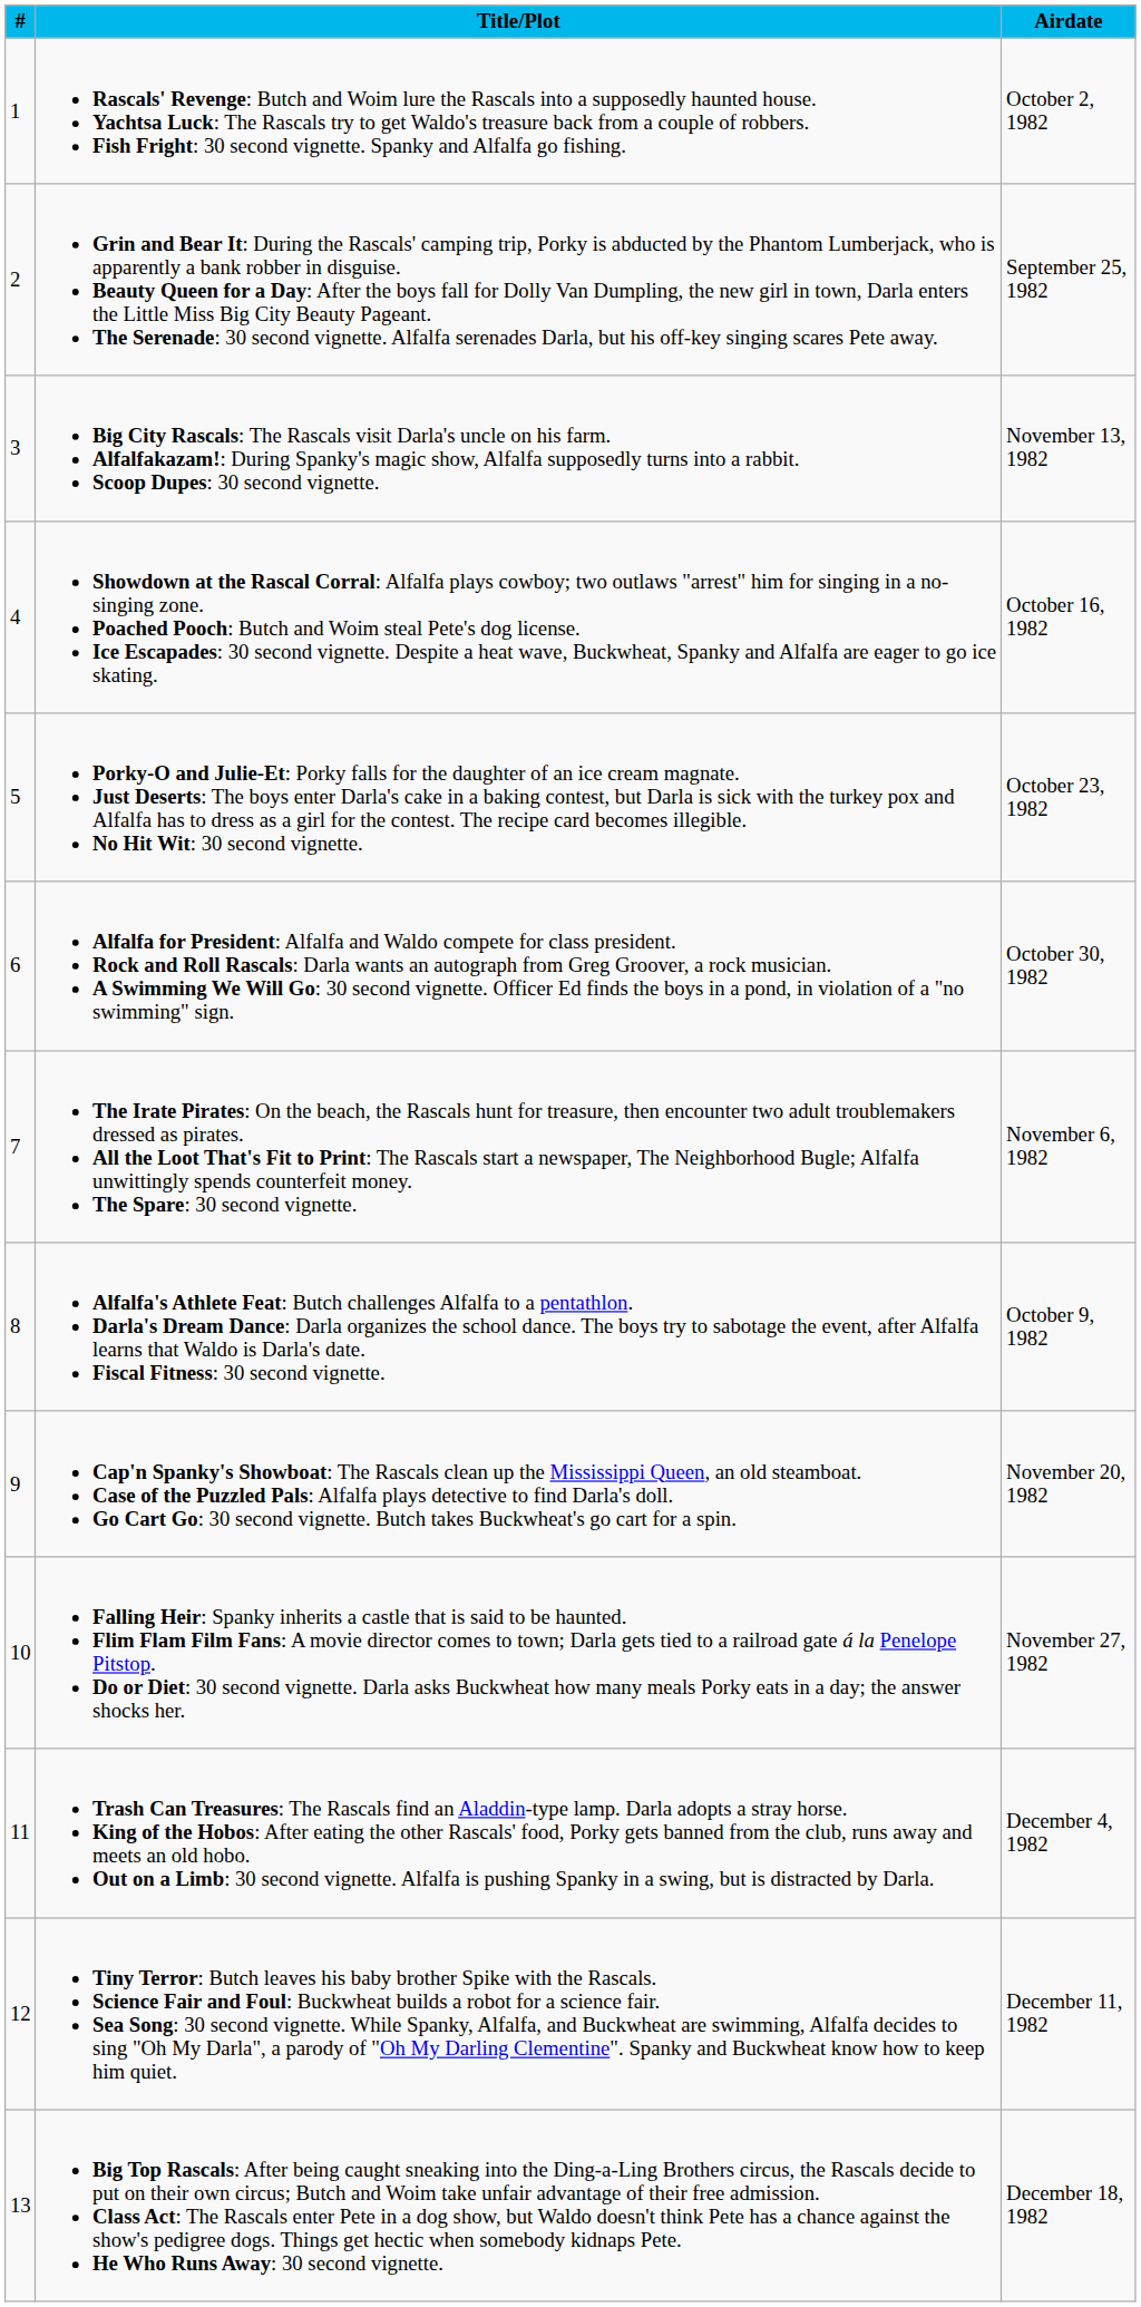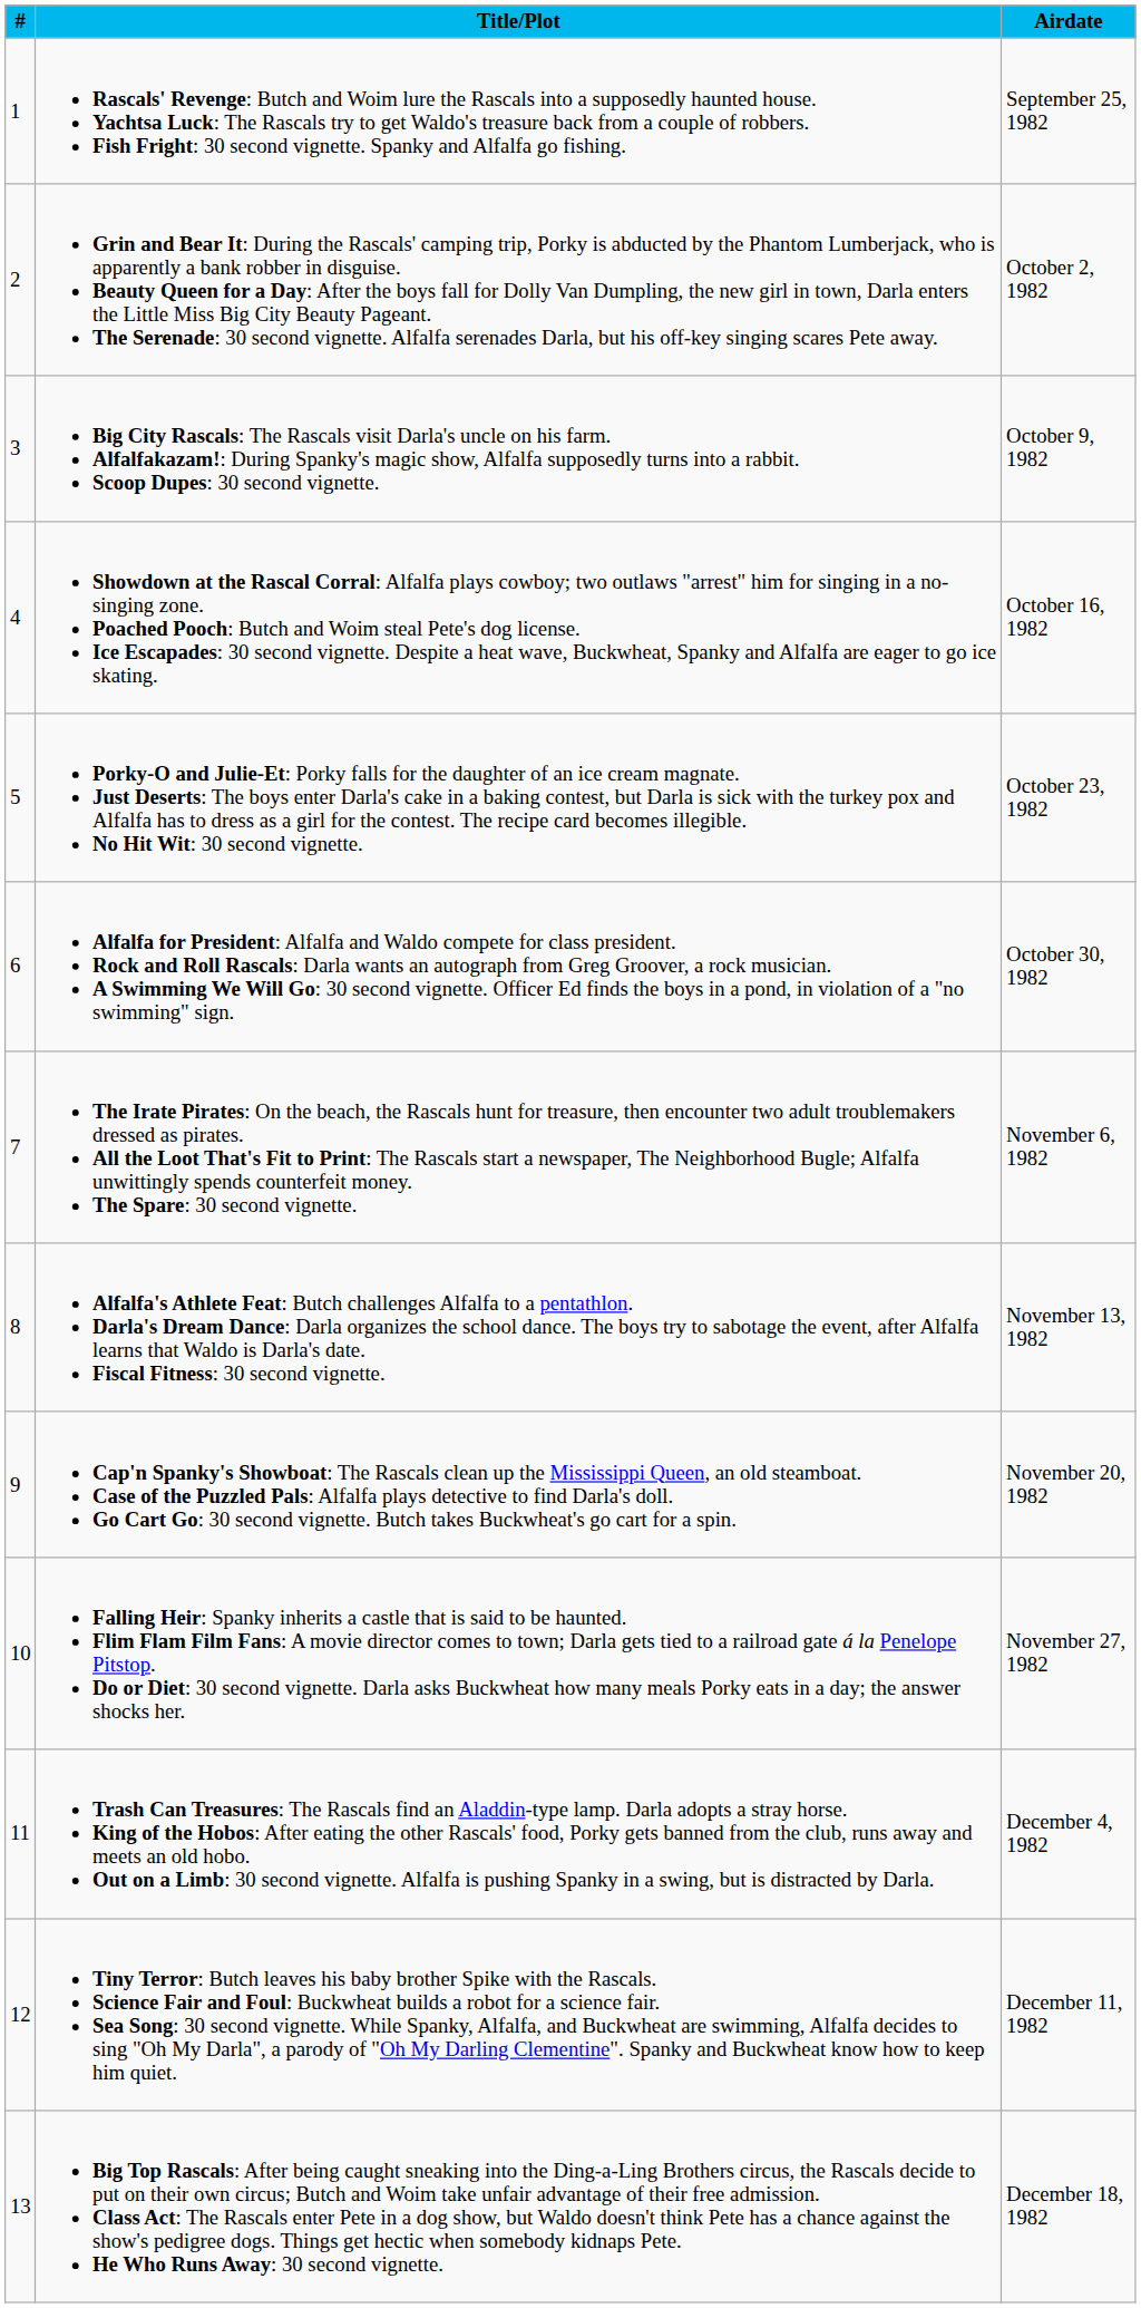 <table class="wikitable">
 <tr>
 <th style="background-color: #00B7EB" width=10>#</th>
 <th style="background-color: #00B7EB">Title/Plot</th>
 <th style="background-color: #00B7EB">Airdate</th>
 </tr>
 <tr>
 <td>1</td>
 <td><br><ul><li><strong>Rascals' Revenge</strong>: Butch and Woim lure the Rascals into a supposedly haunted house.</li><li><strong>Yachtsa Luck</strong>: The Rascals try to get Waldo's treasure back from a couple of robbers.</li><li><strong>Fish Fright</strong>: 30 second vignette. Spanky and Alfalfa go fishing.</li></ul></td>
-<td>October 2, 1982</td>
+<td>September 25, 1982</td>
 </tr>
 <tr>
 <td>2</td>
 <td><br><ul><li><strong>Grin and Bear It</strong>: During the Rascals' camping trip, Porky is abducted by the Phantom Lumberjack, who is apparently a bank robber in disguise.</li><li><strong>Beauty Queen for a Day</strong>: After the boys fall for Dolly Van Dumpling, the new girl in town, Darla enters the Little Miss Big City Beauty Pageant.</li><li><strong>The Serenade</strong>: 30 second vignette. Alfalfa serenades Darla, but his off-key singing scares Pete away.</li></ul></td>
-<td>September 25, 1982</td>
+<td>October 2, 1982</td>
 </tr>
 <tr>
 <td>3</td>
 <td><br><ul><li><strong>Big City Rascals</strong>: The Rascals visit Darla's uncle on his farm.</li><li><strong>Alfalfakazam!</strong>: During Spanky's magic show, Alfalfa supposedly turns into a rabbit.</li><li><strong>Scoop Dupes</strong>: 30 second vignette.</li></ul></td>
-<td>November 13, 1982</td>
+<td>October 9, 1982</td>
 </tr>
 <tr>
 <td>4</td>
 <td><br><ul><li><strong>Showdown at the Rascal Corral</strong>: Alfalfa plays cowboy; two outlaws "arrest" him for singing in a no-singing zone.</li><li><strong>Poached Pooch</strong>: Butch and Woim steal Pete's dog license.</li><li><strong>Ice Escapades</strong>: 30 second vignette. Despite a heat wave, Buckwheat, Spanky and Alfalfa are eager to go ice skating.</li></ul></td>
 <td>October 16, 1982</td>
 </tr>
 <tr>
 <td>5</td>
 <td><br><ul><li><strong>Porky-O and Julie-Et</strong>: Porky falls for the daughter of an ice cream magnate.</li><li><strong>Just Deserts</strong>: The boys enter Darla's cake in a baking contest, but Darla is sick with the turkey pox and Alfalfa has to dress as a girl for the contest. The recipe card becomes illegible.</li><li><strong>No Hit Wit</strong>: 30 second vignette.</li></ul></td>
 <td>October 23, 1982</td>
 </tr>
 <tr>
 <td>6</td>
 <td><br><ul><li><strong>Alfalfa for President</strong>: Alfalfa and Waldo compete for class president.</li><li><strong>Rock and Roll Rascals</strong>: Darla wants an autograph from Greg Groover, a rock musician.</li><li><strong>A Swimming We Will Go</strong>: 30 second vignette. Officer Ed finds the boys in a pond, in violation of a "no swimming" sign.</li></ul></td>
 <td>October 30, 1982</td>
 </tr>
 <tr>
 <td>7</td>
 <td><br><ul><li><strong>The Irate Pirates</strong>: On the beach, the Rascals hunt for treasure, then encounter two adult troublemakers dressed as pirates.</li><li><strong>All the Loot That's Fit to Print</strong>: The Rascals start a newspaper, The Neighborhood Bugle; Alfalfa unwittingly spends counterfeit money.</li><li><strong>The Spare</strong>: 30 second vignette.</li></ul></td>
 <td>November 6, 1982</td>
 </tr>
 <tr>
 <td>8</td>
 <td><br><ul><li><strong>Alfalfa's Athlete Feat</strong>: Butch challenges Alfalfa to a <a href='#'>pentathlon</a>.</li><li><strong>Darla's Dream Dance</strong>: Darla organizes the school dance. The boys try to sabotage the event, after Alfalfa learns that Waldo is Darla's date.</li><li><strong>Fiscal Fitness</strong>: 30 second vignette.</li></ul></td>
-<td>October 9, 1982</td>
+<td>November 13, 1982</td>
 </tr>
 <tr>
 <td>9</td>
 <td><br><ul><li><strong>Cap'n Spanky's Showboat</strong>: The Rascals clean up the <a href='#'>Mississippi Queen</a>, an old steamboat.</li><li><strong>Case of the Puzzled Pals</strong>: Alfalfa plays detective to find Darla's doll.</li><li><strong>Go Cart Go</strong>: 30 second vignette. Butch takes Buckwheat's go cart for a spin.</li></ul></td>
 <td>November 20, 1982</td>
 </tr>
 <tr>
 <td>10</td>
 <td><br><ul><li><strong>Falling Heir</strong>: Spanky inherits a castle that is said to be haunted.</li><li><strong>Flim Flam Film Fans</strong>: A movie director comes to town; Darla gets tied to a railroad gate <em>á la</em> <a href='#'>Penelope Pitstop</a>.</li><li><strong>Do or Diet</strong>: 30 second vignette. Darla asks Buckwheat how many meals Porky eats in a day; the answer shocks her.</li></ul></td>
 <td>November 27, 1982</td>
 </tr>
 <tr>
 <td>11</td>
 <td><br><ul><li><strong>Trash Can Treasures</strong>: The Rascals find an <a href='#'>Aladdin</a>-type lamp. Darla adopts a stray horse.</li><li><strong>King of the Hobos</strong>: After eating the other Rascals' food, Porky gets banned from the club, runs away and meets an old hobo.</li><li><strong>Out on a Limb</strong>: 30 second vignette. Alfalfa is pushing Spanky in a swing, but is distracted by Darla.</li></ul></td>
 <td>December 4, 1982</td>
 </tr>
 <tr>
 <td>12</td>
 <td><br><ul><li><strong>Tiny Terror</strong>: Butch leaves his baby brother Spike with the Rascals.</li><li><strong>Science Fair and Foul</strong>: Buckwheat builds a robot for a science fair.</li><li><strong>Sea Song</strong>: 30 second vignette. While Spanky, Alfalfa, and Buckwheat are swimming, Alfalfa decides to sing "Oh My Darla", a parody of "<a href='#'>Oh My Darling Clementine</a>". Spanky and Buckwheat know how to keep him quiet.</li></ul></td>
 <td>December 11, 1982</td>
 </tr>
 <tr>
 <td>13</td>
 <td><br><ul><li><strong>Big Top Rascals</strong>: After being caught sneaking into the Ding-a-Ling Brothers circus, the Rascals decide to put on their own circus; Butch and Woim take unfair advantage of their free admission.</li><li><strong>Class Act</strong>: The Rascals enter Pete in a dog show, but Waldo doesn't think Pete has a chance against the show's pedigree dogs. Things get hectic when somebody kidnaps Pete.</li><li><strong>He Who Runs Away</strong>: 30 second vignette.</li></ul></td>
 <td>December 18, 1982</td>
 </tr>
 </table>
